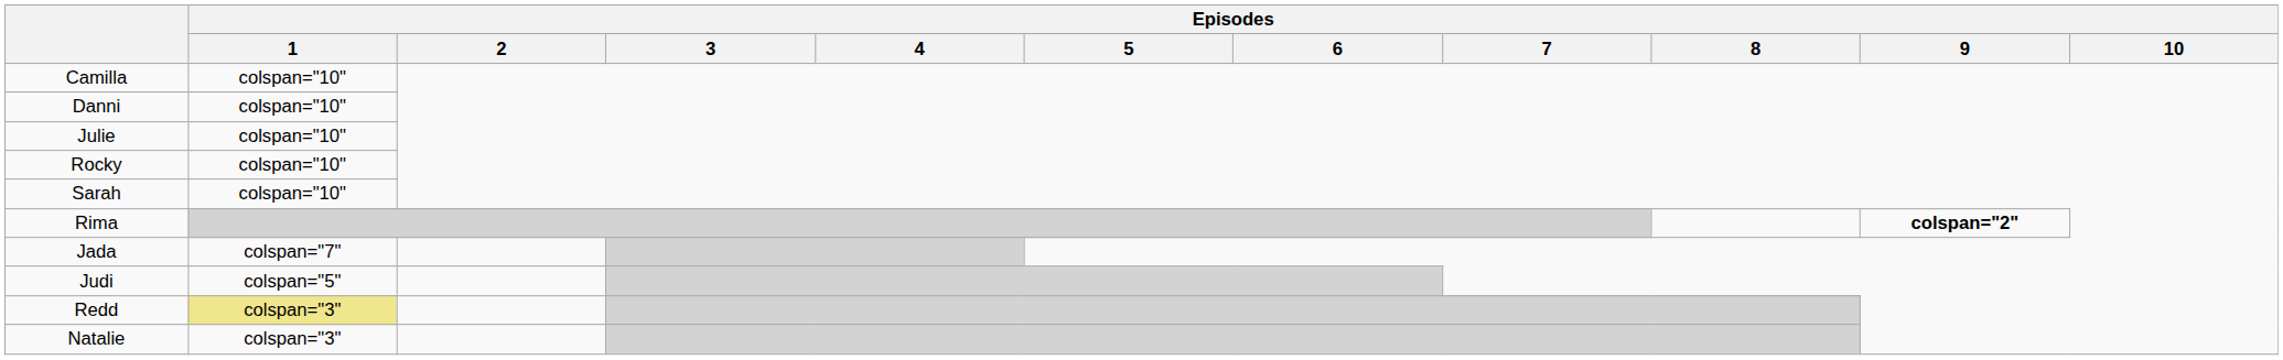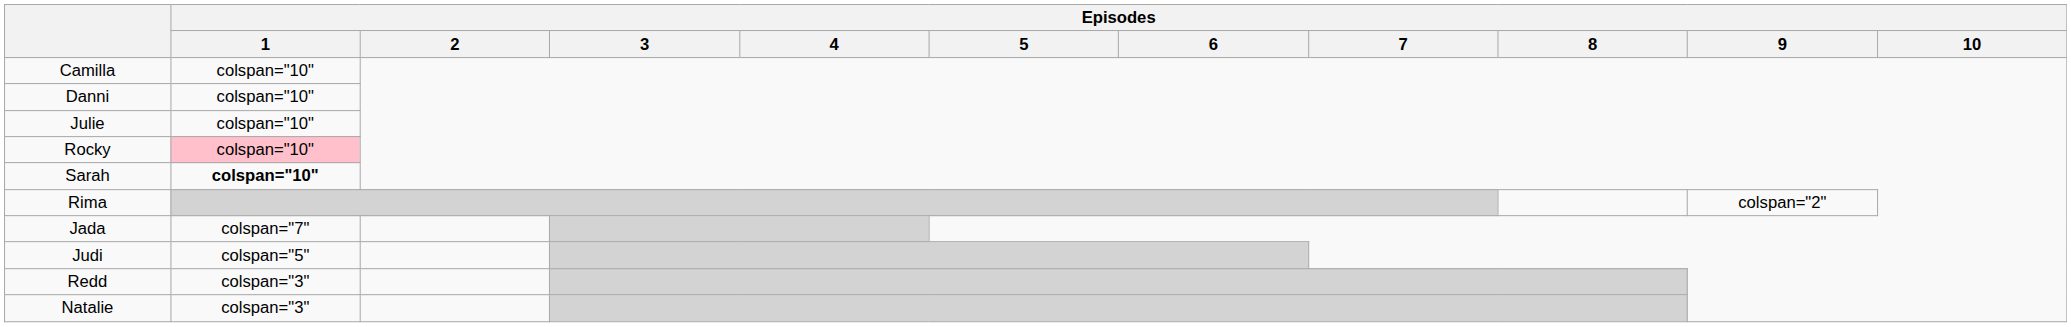 <table class="wikitable plainrowheaders" style="text-align:center; width:100%;">
 <tr>
 <th scope="col" rowspan="2" style="width:7%;"></th>
 <th scope="col" colspan="10">Episodes</th>
 </tr>
 <tr>
 <th scope="col" style="width:8%;">1</th>
 <th scope="col" style="width:8%;">2</th>
 <th scope="col" style="width:8%;">3</th>
 <th scope="col" style="width:8%;">4</th>
 <th scope="col" style="width:8%;">5</th>
 <th scope="col" style="width:8%;">6</th>
 <th scope="col" style="width:8%;">7</th>
 <th scope="col" style="width:8%;">8</th>
 <th scope="col" style="width:8%;">9</th>
 <th scope="col" style="width:8%;">10</th>
 </tr>
 <tr>
 <td scope="row">Camilla</td>
 <td>colspan="10" </td>
 </tr>
 <tr>
 <td scope="row">Danni</td>
 <td>colspan="10" </td>
 </tr>
 <tr>
 <td scope="row">Julie</td>
 <td>colspan="10" </td>
 </tr>
 <tr>
 <td scope="row">Rocky</td>
-<td>colspan="10" </td>
+<td style="background: pink;">colspan="10" </td>
 </tr>
 <tr>
 <td scope="row">Sarah</td>
-<td>colspan="10" </td>
+<td><strong>colspan="10" </strong></td>
 </tr>
 <tr>
 <td scope="row">Rima</td>
 <td colspan="7" style="background:lightgrey;"></td>
 <td></td>
-<td><strong>colspan="2" </strong></td>
+<td>colspan="2" </td>
 </tr>
 <tr>
 <td scope="row">Jada</td>
 <td>colspan="7" </td>
 <td></td>
 <td colspan="2" style="background:lightgrey;"></td>
 </tr>
 <tr>
 <td scope="row">Judi</td>
 <td>colspan="5" </td>
 <td></td>
 <td colspan="4" style="background:lightgrey;"></td>
 </tr>
 <tr>
 <td scope="row">Redd</td>
-<td style="background: khaki;">colspan="3" </td>
+<td>colspan="3" </td>
 <td></td>
 <td colspan="6" style="background:lightgrey;"></td>
 </tr>
 <tr>
 <td scope="row">Natalie</td>
 <td>colspan="3" </td>
 <td></td>
 <td colspan="6" style="background:lightgrey;"></td>
 </tr>
 </table>
